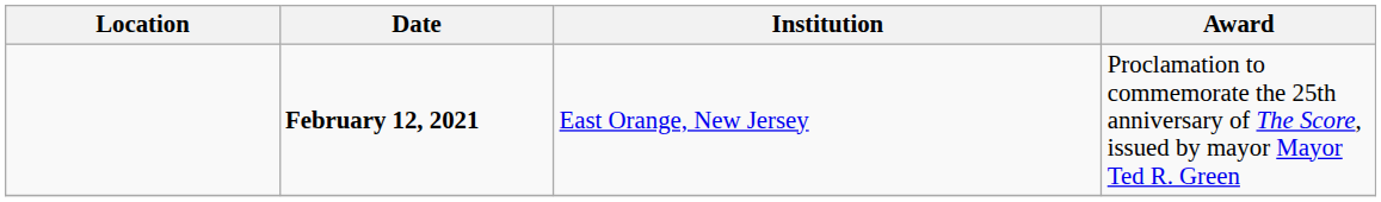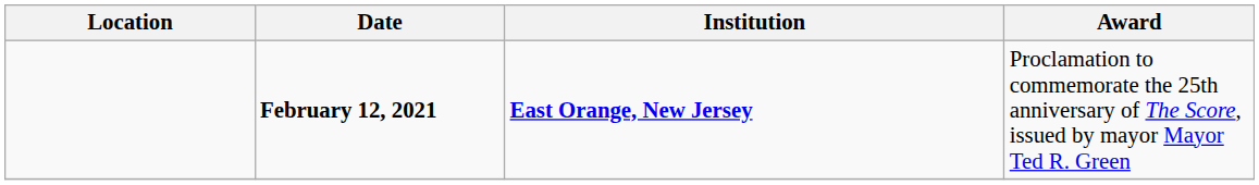 <table class="wikitable" style="width:100%;">
 <tr>
 <th style="width:20%;">Location</th>
 <th style="width:20%;">Date</th>
 <th style="width:40%;">Institution</th>
 <th style="width:20%;">Award</th>
 </tr>
 <tr>
 <td></td>
 <td><strong>February 12, 2021</strong></td>
-<td><a href='#'>East Orange, New Jersey</a></td>
+<td><strong><a href='#'>East Orange, New Jersey</a></strong></td>
 <td>Proclamation to commemorate the 25th anniversary of <a href='#'><em>The Score</em></a>, issued by mayor <a href='#'>Mayor Ted R. Green</a></td>
 </tr>
 <tr>
 </tr>
 </table>
